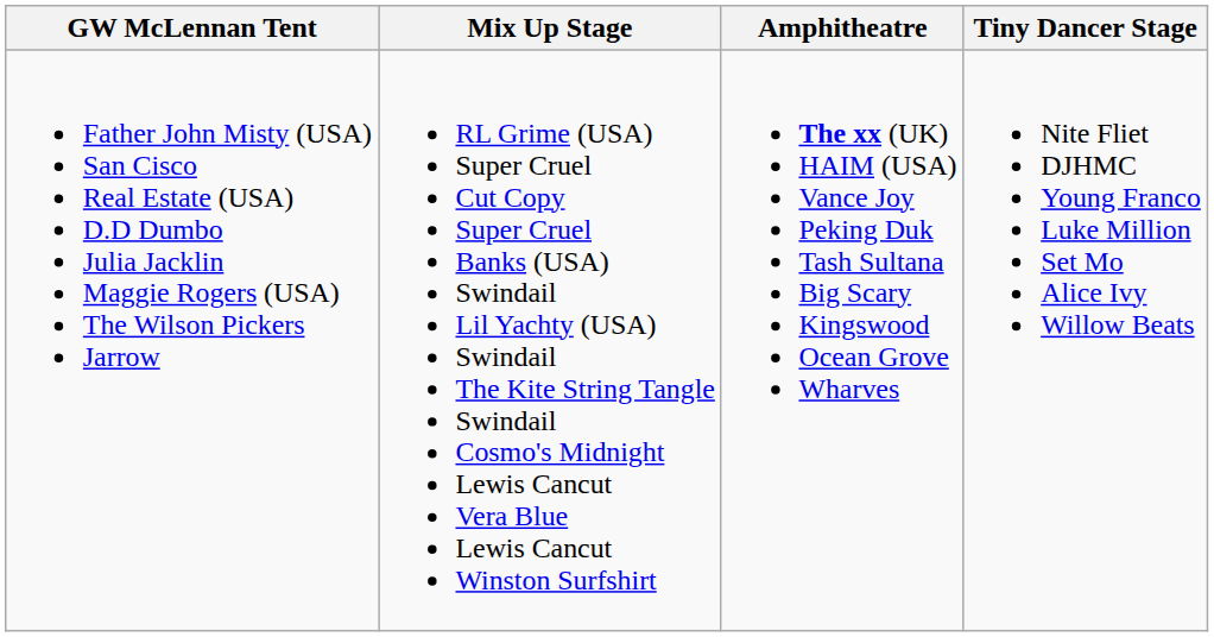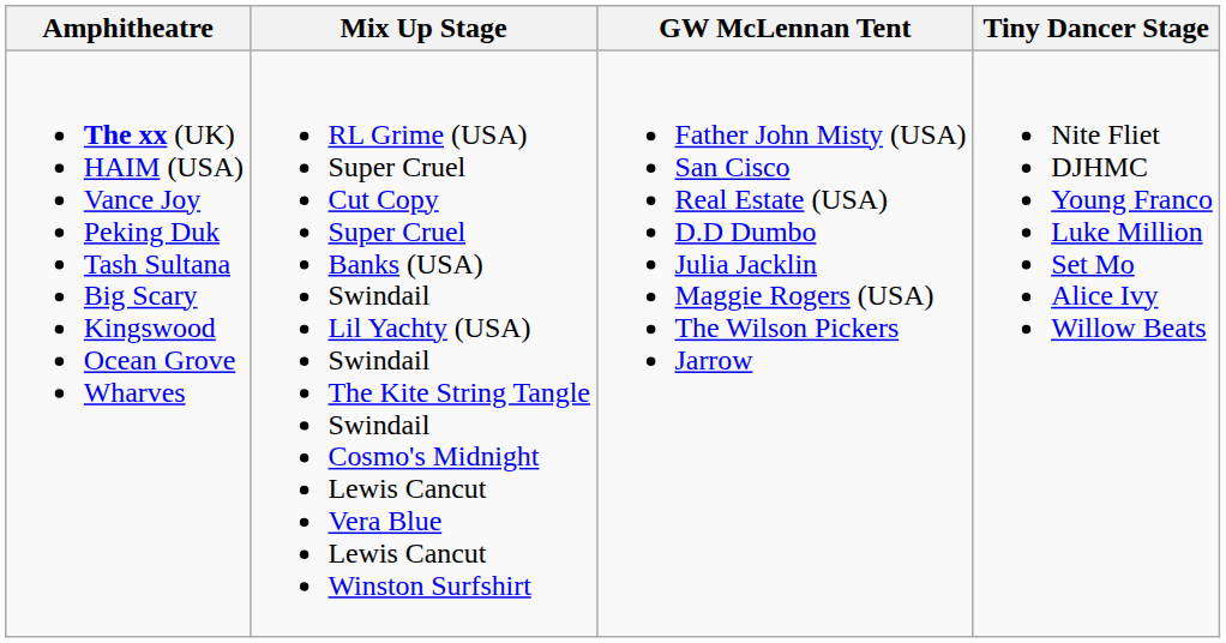 <table class="wikitable">
 <tr>
+<th>Amphitheatre</th>
+<th>Mix Up Stage</th>
 <th>GW McLennan Tent</th>
-<th>Mix Up Stage</th>
-<th>Amphitheatre</th>
 <th>Tiny Dancer Stage</th>
 </tr>
 <tr valign="top">
+<td><br><ul><li><strong><a href='#'>The xx</a></strong> (UK)</li><li><a href='#'>HAIM</a> (USA)</li><li><a href='#'>Vance Joy</a></li><li><a href='#'>Peking Duk</a></li><li><a href='#'>Tash Sultana</a></li><li><a href='#'>Big Scary</a></li><li><a href='#'>Kingswood</a></li><li><a href='#'>Ocean Grove</a></li><li><a href='#'>Wharves</a></li></ul></td>
+<td><br><ul><li><a href='#'>RL Grime</a> (USA)</li><li>Super Cruel</li><li><a href='#'>Cut Copy</a></li><li><a href='#'>Super Cruel</a></li><li><a href='#'>Banks</a> (USA)</li><li>Swindail</li><li><a href='#'>Lil Yachty</a> (USA)</li><li>Swindail</li><li><a href='#'>The Kite String Tangle</a></li><li>Swindail</li><li><a href='#'>Cosmo's Midnight</a></li><li>Lewis Cancut</li><li><a href='#'>Vera Blue</a></li><li>Lewis Cancut</li><li><a href='#'>Winston Surfshirt</a></li></ul></td>
 <td><br><ul><li><a href='#'>Father John Misty</a> (USA)</li><li><a href='#'>San Cisco</a></li><li><a href='#'>Real Estate</a> (USA)</li><li><a href='#'>D.D Dumbo</a></li><li><a href='#'>Julia Jacklin</a></li><li><a href='#'>Maggie Rogers</a> (USA)</li><li><a href='#'>The Wilson Pickers</a></li><li><a href='#'>Jarrow</a></li></ul></td>
-<td><br><ul><li><a href='#'>RL Grime</a> (USA)</li><li>Super Cruel</li><li><a href='#'>Cut Copy</a></li><li><a href='#'>Super Cruel</a></li><li><a href='#'>Banks</a> (USA)</li><li>Swindail</li><li><a href='#'>Lil Yachty</a> (USA)</li><li>Swindail</li><li><a href='#'>The Kite String Tangle</a></li><li>Swindail</li><li><a href='#'>Cosmo's Midnight</a></li><li>Lewis Cancut</li><li><a href='#'>Vera Blue</a></li><li>Lewis Cancut</li><li><a href='#'>Winston Surfshirt</a></li></ul></td>
-<td><br><ul><li><strong><a href='#'>The xx</a></strong> (UK)</li><li><a href='#'>HAIM</a> (USA)</li><li><a href='#'>Vance Joy</a></li><li><a href='#'>Peking Duk</a></li><li><a href='#'>Tash Sultana</a></li><li><a href='#'>Big Scary</a></li><li><a href='#'>Kingswood</a></li><li><a href='#'>Ocean Grove</a></li><li><a href='#'>Wharves</a></li></ul></td>
 <td><br><ul><li>Nite Fliet</li><li>DJHMC</li><li><a href='#'>Young Franco</a></li><li><a href='#'>Luke Million</a></li><li><a href='#'>Set Mo</a></li><li><a href='#'>Alice Ivy</a></li><li><a href='#'>Willow Beats</a></li></ul></td>
 </tr>
 </table>
